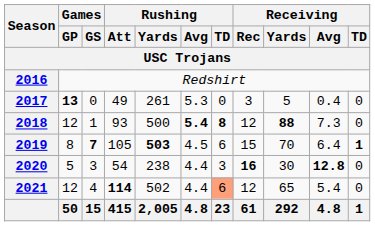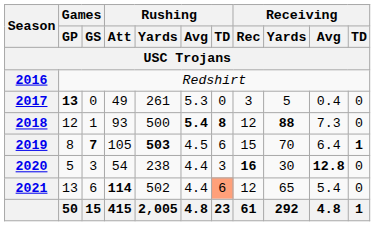 <table class="wikitable" style="text-align:center;">
 <tr>
 <th rowspan="2">Season</th>
 <th colspan="2">Games</th>
 <th colspan="4">Rushing</th>
 <th colspan="4">Receiving</th>
 </tr>
 <tr>
 <th>GP</th>
 <th>GS</th>
 <th>Att</th>
 <th>Yards</th>
 <th>Avg</th>
 <th>TD</th>
 <th>Rec</th>
 <th>Yards</th>
 <th>Avg</th>
 <th>TD</th>
 </tr>
 <tr>
 <th colspan="12">USC Trojans</th>
 </tr>
 <tr>
 <th><a href='#'>2016</a></th>
 <td colspan="15"><em>Redshirt </em></td>
 </tr>
 <tr>
 <th><a href='#'>2017</a></th>
 <td><strong>13</strong></td>
 <td>0</td>
 <td>49</td>
 <td>261</td>
 <td>5.3</td>
 <td>0</td>
 <td>3</td>
 <td>5</td>
 <td>0.4</td>
 <td>0</td>
 </tr>
 <tr>
 <th><a href='#'>2018</a></th>
 <td>12</td>
 <td>1</td>
 <td>93</td>
 <td>500</td>
 <td><strong>5.4</strong></td>
 <td><strong>8</strong></td>
 <td>12</td>
 <td><strong>88</strong></td>
 <td>7.3</td>
 <td>0</td>
 </tr>
 <tr>
 <th><a href='#'>2019</a></th>
 <td>8</td>
 <td><strong>7</strong></td>
 <td>105</td>
 <td><strong>503</strong></td>
 <td>4.5</td>
 <td>6</td>
 <td>15</td>
 <td>70</td>
 <td>6.4</td>
 <td><strong>1</strong></td>
 </tr>
 <tr>
 <th><a href='#'>2020</a></th>
 <td>5</td>
 <td>3</td>
 <td>54</td>
 <td>238</td>
 <td>4.4</td>
 <td>3</td>
 <td><strong>16</strong></td>
 <td>30</td>
 <td><strong>12.8</strong></td>
 <td>0</td>
 </tr>
 <tr>
 <th><a href='#'>2021</a></th>
-<td>12</td>
-<td>4</td>
+<td>13</td>
+<td>6</td>
 <td><strong>114</strong></td>
 <td>502</td>
 <td>4.4</td>
 <td style="background: lightsalmon;">6</td>
 <td>12</td>
 <td>65</td>
 <td>5.4</td>
 <td>0</td>
 </tr>
 <tr>
 <th></th>
 <th>50</th>
 <th>15</th>
 <th>415</th>
 <th>2,005</th>
 <th>4.8</th>
 <th>23</th>
 <th>61</th>
 <th>292</th>
 <th>4.8</th>
 <th>1</th>
 </tr>
 </table>
